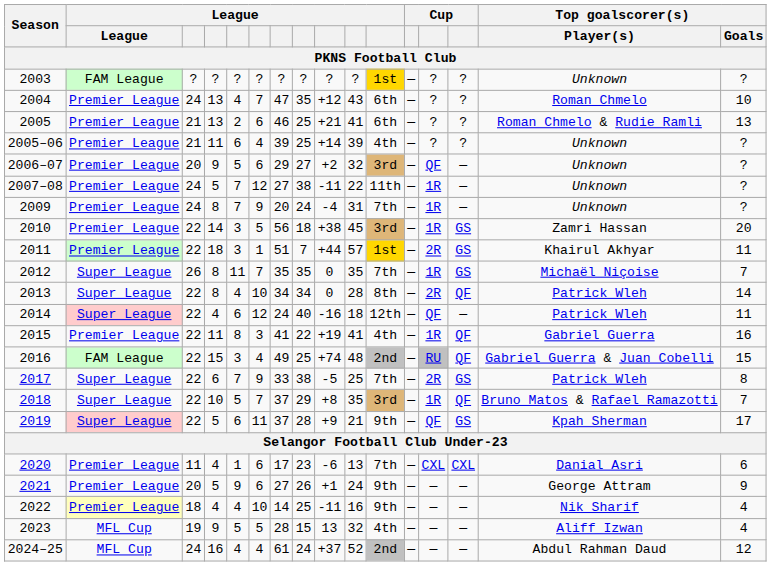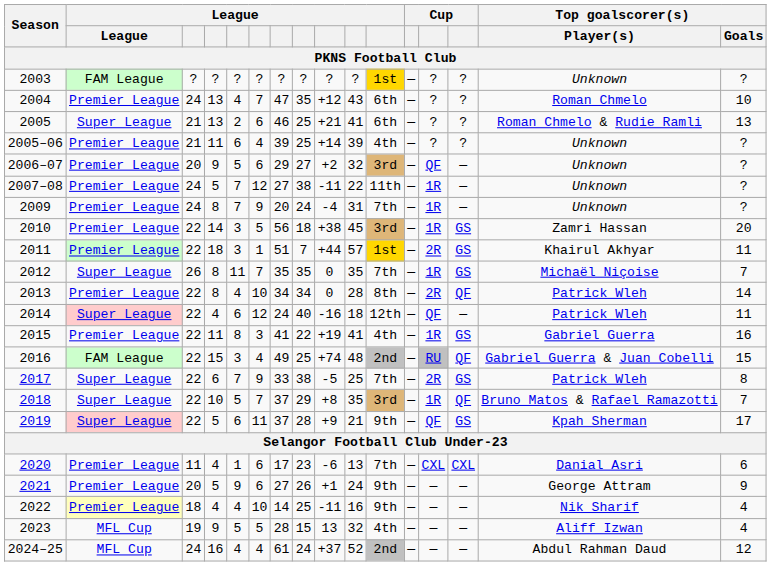 <table class="wikitable sortable" style="text-align: center;">
 <tr>
 <th rowspan="2">Season</th>
 <th colspan="10">League</th>
 <th colspan="3">Cup</th>
 <th colspan="2">Top goalscorer(s)</th>
 </tr>
 <tr>
 <th>League</th>
 <th></th>
 <th></th>
 <th></th>
 <th></th>
 <th></th>
 <th></th>
 <th></th>
 <th></th>
 <th></th>
 <th></th>
 <th></th>
 <th></th>
 <th>Player(s)</th>
 <th>Goals</th>
 </tr>
 <tr>
 <th colspan="16">PKNS Football Club</th>
 </tr>
 <tr>
 <td>2003</td>
 <td style="background:#CCFFCC;">FAM League</td>
 <td>?</td>
 <td>?</td>
 <td>?</td>
 <td>?</td>
 <td>?</td>
 <td>?</td>
 <td>?</td>
 <td>?</td>
 <td style="background:gold;">1st</td>
 <td>—</td>
 <td>?</td>
 <td>?</td>
 <td><em>Unknown</em></td>
 <td>?</td>
 </tr>
 <tr>
 <td>2004</td>
 <td><a href='#'>Premier League</a></td>
 <td>24</td>
 <td>13</td>
 <td>4</td>
 <td>7</td>
 <td>47</td>
 <td>35</td>
 <td>+12</td>
 <td>43</td>
 <td>6th</td>
 <td>—</td>
 <td>?</td>
 <td>?</td>
 <td> <a href='#'>Roman Chmelo</a></td>
 <td>10</td>
 </tr>
 <tr>
 <td>2005</td>
-<td><a href='#'>Premier League</a></td>
+<td><a href='#'>Super League</a></td>
 <td>21</td>
 <td>13</td>
 <td>2</td>
 <td>6</td>
 <td>46</td>
 <td>25</td>
 <td>+21</td>
 <td>41</td>
 <td>6th</td>
 <td>—</td>
 <td>?</td>
 <td>?</td>
 <td> <a href='#'>Roman Chmelo</a> &  <a href='#'>Rudie Ramli</a></td>
 <td>13</td>
 </tr>
 <tr>
 <td>2005–06</td>
 <td><a href='#'>Premier League</a></td>
 <td>21</td>
 <td>11</td>
 <td>6</td>
 <td>4</td>
 <td>39</td>
 <td>25</td>
 <td>+14</td>
 <td>39</td>
 <td>4th</td>
 <td>—</td>
 <td>?</td>
 <td>?</td>
 <td><em>Unknown</em></td>
 <td>?</td>
 </tr>
 <tr>
 <td>2006–07</td>
 <td><a href='#'>Premier League</a></td>
 <td>20</td>
 <td>9</td>
 <td>5</td>
 <td>6</td>
 <td>29</td>
 <td>27</td>
 <td>+2</td>
 <td>32</td>
 <td style="background:#deb678;">3rd</td>
 <td>—</td>
 <td><a href='#'>QF</a></td>
 <td>—</td>
 <td><em>Unknown</em></td>
 <td>?</td>
 </tr>
 <tr>
 <td>2007–08</td>
 <td><a href='#'>Premier League</a></td>
 <td>24</td>
 <td>5</td>
 <td>7</td>
 <td>12</td>
 <td>27</td>
 <td>38</td>
 <td>-11</td>
 <td>22</td>
 <td>11th</td>
 <td>—</td>
 <td><a href='#'>1R</a></td>
 <td>—</td>
 <td><em>Unknown</em></td>
 <td>?</td>
 </tr>
 <tr>
 <td>2009</td>
 <td><a href='#'>Premier League</a></td>
 <td>24</td>
 <td>8</td>
 <td>7</td>
 <td>9</td>
 <td>20</td>
 <td>24</td>
 <td>-4</td>
 <td>31</td>
 <td>7th</td>
 <td>—</td>
 <td><a href='#'>1R</a></td>
 <td>—</td>
 <td><em>Unknown</em></td>
 <td>?</td>
 </tr>
 <tr>
 <td>2010</td>
 <td><a href='#'>Premier League</a></td>
 <td>22</td>
 <td>14</td>
 <td>3</td>
 <td>5</td>
 <td>56</td>
 <td>18</td>
 <td>+38</td>
 <td>45</td>
 <td style="background:#deb678;">3rd</td>
 <td>—</td>
 <td><a href='#'>1R</a></td>
 <td><a href='#'>GS</a></td>
 <td> Zamri Hassan</td>
 <td>20</td>
 </tr>
 <tr>
 <td>2011</td>
 <td style="background:#CCFFCC;"><a href='#'>Premier League</a></td>
 <td>22</td>
 <td>18</td>
 <td>3</td>
 <td>1</td>
 <td>51</td>
 <td>7</td>
 <td>+44</td>
 <td>57</td>
 <td style="background:gold;">1st</td>
 <td>—</td>
 <td><a href='#'>2R</a></td>
 <td><a href='#'>GS</a></td>
 <td> Khairul Akhyar</td>
 <td>11</td>
 </tr>
 <tr>
 <td>2012</td>
 <td><a href='#'>Super League</a></td>
 <td>26</td>
 <td>8</td>
 <td>11</td>
 <td>7</td>
 <td>35</td>
 <td>35</td>
 <td>0</td>
 <td>35</td>
 <td>7th</td>
 <td>—</td>
 <td><a href='#'>1R</a></td>
 <td><a href='#'>GS</a></td>
 <td> <a href='#'>Michaël Niçoise</a></td>
 <td>7</td>
 </tr>
 <tr>
 <td>2013</td>
-<td><a href='#'>Super League</a></td>
+<td><a href='#'>Premier League</a></td>
 <td>22</td>
 <td>8</td>
 <td>4</td>
 <td>10</td>
 <td>34</td>
 <td>34</td>
 <td>0</td>
 <td>28</td>
 <td>8th</td>
 <td>—</td>
 <td><a href='#'>2R</a></td>
 <td><a href='#'>QF</a></td>
 <td> <a href='#'>Patrick Wleh</a></td>
 <td>14</td>
 </tr>
 <tr>
 <td>2014</td>
 <td style="background:#FFCCCC;"><a href='#'>Super League</a></td>
 <td>22</td>
 <td>4</td>
 <td>6</td>
 <td>12</td>
 <td>24</td>
 <td>40</td>
 <td>-16</td>
 <td>18</td>
 <td>12th</td>
 <td>—</td>
 <td><a href='#'>QF</a></td>
 <td>—</td>
 <td> <a href='#'>Patrick Wleh</a></td>
 <td>11</td>
 </tr>
 <tr>
 <td>2015</td>
 <td><a href='#'>Premier League</a></td>
 <td>22</td>
 <td>11</td>
 <td>8</td>
 <td>3</td>
 <td>41</td>
 <td>22</td>
 <td>+19</td>
 <td>41</td>
 <td>4th</td>
 <td>—</td>
 <td><a href='#'>1R</a></td>
-<td><a href='#'>QF</a></td>
+<td><a href='#'>GS</a></td>
 <td> <a href='#'>Gabriel Guerra</a></td>
 <td>16</td>
 </tr>
 <tr>
 <td>2016</td>
 <td style="background:#CCFFCC;">FAM League</td>
 <td>22</td>
 <td>15</td>
 <td>3</td>
 <td>4</td>
 <td>49</td>
 <td>25</td>
 <td>+74</td>
 <td>48</td>
 <td style="background:Silver;">2nd</td>
 <td>—</td>
 <td style="background:Silver;"><a href='#'>RU</a></td>
 <td><a href='#'>QF</a></td>
 <td> <a href='#'>Gabriel Guerra</a> &  <a href='#'>Juan Cobelli</a></td>
 <td>15</td>
 </tr>
 <tr>
 <td><a href='#'>2017</a></td>
 <td><a href='#'>Super League</a></td>
 <td>22</td>
 <td>6</td>
 <td>7</td>
 <td>9</td>
 <td>33</td>
 <td>38</td>
 <td>-5</td>
 <td>25</td>
 <td>7th</td>
 <td>—</td>
 <td><a href='#'>2R</a></td>
 <td><a href='#'>GS</a></td>
 <td> <a href='#'>Patrick Wleh</a></td>
 <td>8</td>
 </tr>
 <tr>
 <td><a href='#'>2018</a></td>
 <td><a href='#'>Super League</a></td>
 <td>22</td>
 <td>10</td>
 <td>5</td>
 <td>7</td>
 <td>37</td>
 <td>29</td>
 <td>+8</td>
 <td>35</td>
 <td style="background:#deb678;">3rd</td>
 <td>—</td>
 <td><a href='#'>1R</a></td>
 <td><a href='#'>QF</a></td>
 <td> <a href='#'>Bruno Matos</a> &  <a href='#'>Rafael Ramazotti</a></td>
 <td>7</td>
 </tr>
 <tr>
 <td><a href='#'>2019</a></td>
 <td style="background:#FFCCCC;"><a href='#'>Super League</a></td>
 <td>22</td>
 <td>5</td>
 <td>6</td>
 <td>11</td>
 <td>37</td>
 <td>28</td>
 <td>+9</td>
 <td>21</td>
 <td>9th</td>
 <td>—</td>
 <td><a href='#'>QF</a></td>
 <td><a href='#'>GS</a></td>
 <td> <a href='#'>Kpah Sherman</a></td>
 <td>17</td>
 </tr>
 <tr>
 <th colspan="16">Selangor Football Club Under-23</th>
 </tr>
 <tr>
 <td><a href='#'>2020</a></td>
 <td><a href='#'>Premier League</a></td>
 <td>11</td>
 <td>4</td>
 <td>1</td>
 <td>6</td>
 <td>17</td>
 <td>23</td>
 <td>-6</td>
 <td>13</td>
 <td>7th</td>
 <td>—</td>
 <td><a href='#'>CXL</a></td>
 <td><a href='#'>CXL</a></td>
 <td> <a href='#'>Danial Asri</a></td>
 <td>6</td>
 </tr>
 <tr>
 <td><a href='#'>2021</a></td>
 <td><a href='#'>Premier League</a></td>
 <td>20</td>
 <td>5</td>
 <td>9</td>
 <td>6</td>
 <td>27</td>
 <td>26</td>
 <td>+1</td>
 <td>24</td>
 <td>9th</td>
 <td>—</td>
 <td>—</td>
 <td>—</td>
 <td> George Attram</td>
 <td>9</td>
 </tr>
 <tr>
 <td>2022</td>
 <td style="background:#FFFFBB;"><a href='#'>Premier League</a></td>
 <td>18</td>
 <td>4</td>
 <td>4</td>
 <td>10</td>
 <td>14</td>
 <td>25</td>
 <td>-11</td>
 <td>16</td>
 <td>9th</td>
 <td>—</td>
 <td>—</td>
 <td>—</td>
 <td> <a href='#'>Nik Sharif</a></td>
 <td>4</td>
 </tr>
 <tr>
 <td>2023</td>
 <td><a href='#'>MFL Cup</a></td>
 <td>19</td>
 <td>9</td>
 <td>5</td>
 <td>5</td>
 <td>28</td>
 <td>15</td>
 <td>13</td>
 <td>32</td>
 <td>4th</td>
 <td>—</td>
 <td>—</td>
 <td>—</td>
 <td> <a href='#'>Aliff Izwan</a></td>
 <td>4</td>
 </tr>
 <tr>
 <td>2024–25</td>
 <td><a href='#'>MFL Cup</a></td>
 <td>24</td>
 <td>16</td>
 <td>4</td>
 <td>4</td>
 <td>61</td>
 <td>24</td>
 <td>+37</td>
 <td>52</td>
 <td style="background:Silver;">2nd</td>
 <td>—</td>
 <td>—</td>
 <td>—</td>
 <td> Abdul Rahman Daud</td>
 <td>12</td>
 </tr>
 </table>
